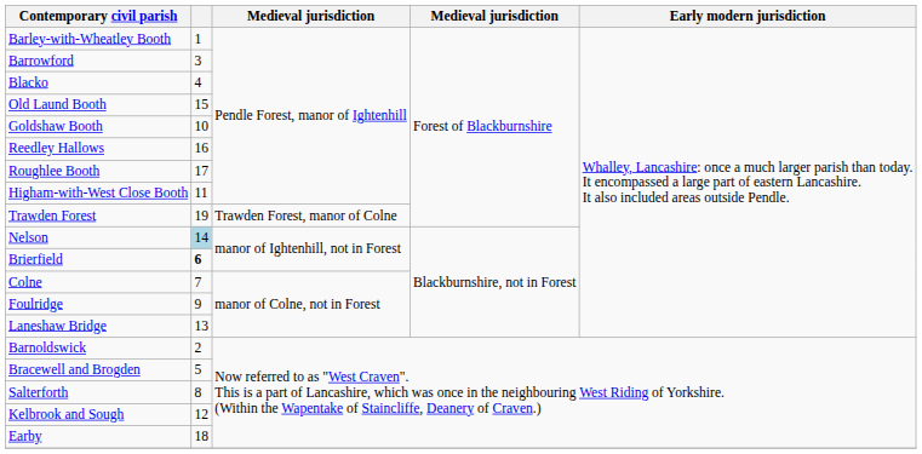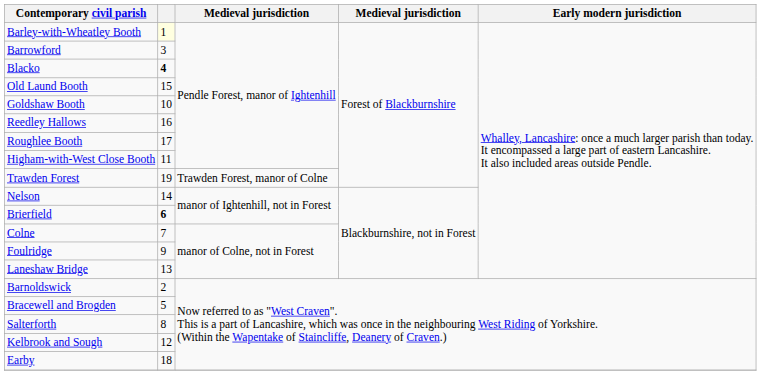 <table class="wikitable">
 <tr>
 <th>Contemporary <a href='#'>civil parish</a></th>
 <th></th>
 <th>Medieval jurisdiction</th>
 <th>Medieval jurisdiction</th>
 <th>Early modern jurisdiction</th>
 </tr>
 <tr>
 <td><a href='#'>Barley-with-Wheatley Booth</a></td>
-<td>1</td>
+<td style="background: lightyellow;">1</td>
 <td rowspan="8">Pendle Forest, manor of <a href='#'>Ightenhill</a></td>
 <td rowspan="9">Forest of <a href='#'>Blackburnshire</a></td>
 <td rowspan="14"><a href='#'>Whalley, Lancashire</a>: once a much larger parish than today.<br>It encompassed a large part of eastern Lancashire.<br>It also included areas outside Pendle.</td>
 </tr>
 <tr>
 <td><a href='#'>Barrowford</a></td>
 <td>3</td>
 </tr>
 <tr>
 <td><a href='#'>Blacko</a></td>
-<td>4</td>
+<td><strong>4</strong></td>
 </tr>
 <tr>
 <td><a href='#'>Old Laund Booth</a></td>
 <td>15</td>
 </tr>
 <tr>
 <td><a href='#'>Goldshaw Booth</a></td>
 <td>10</td>
 </tr>
 <tr>
 <td><a href='#'>Reedley Hallows</a></td>
 <td>16</td>
 </tr>
 <tr>
 <td><a href='#'>Roughlee Booth</a></td>
 <td>17</td>
 </tr>
 <tr>
 <td><a href='#'>Higham-with-West Close Booth</a></td>
 <td>11</td>
 </tr>
 <tr>
 <td><a href='#'>Trawden Forest</a></td>
 <td>19</td>
 <td>Trawden Forest, manor of Colne</td>
 </tr>
 <tr>
 <td><a href='#'>Nelson</a></td>
-<td style="background: lightblue;">14</td>
+<td>14</td>
 <td rowspan="2">manor of Ightenhill, not in Forest</td>
 <td rowspan="5">Blackburnshire, not in Forest</td>
 </tr>
 <tr>
 <td><a href='#'>Brierfield</a></td>
 <td><strong>6</strong></td>
 </tr>
 <tr>
 <td><a href='#'>Colne</a></td>
 <td>7</td>
 <td rowspan="3">manor of Colne, not in Forest</td>
 </tr>
 <tr>
 <td><a href='#'>Foulridge</a></td>
 <td>9</td>
 </tr>
 <tr>
 <td><a href='#'>Laneshaw Bridge</a></td>
 <td>13</td>
 </tr>
 <tr>
 <td><a href='#'>Barnoldswick</a></td>
 <td>2</td>
 <td rowspan="5" colspan="3">Now referred to as "<a href='#'>West Craven</a>".<br>This is a part of Lancashire, which was once in the neighbouring <a href='#'>West Riding</a> of Yorkshire.<br>(Within the <a href='#'>Wapentake</a> of <a href='#'>Staincliffe</a>, <a href='#'>Deanery</a> of <a href='#'>Craven</a>.)<br></td>
 </tr>
 <tr>
 <td><a href='#'>Bracewell and Brogden</a></td>
 <td>5</td>
 </tr>
 <tr>
 <td><a href='#'>Salterforth</a></td>
 <td>8</td>
 </tr>
 <tr>
 <td><a href='#'>Kelbrook and Sough</a></td>
 <td>12</td>
 </tr>
 <tr>
 <td><a href='#'>Earby</a></td>
 <td>18</td>
 </tr>
 <tr>
 </tr>
 </table>
